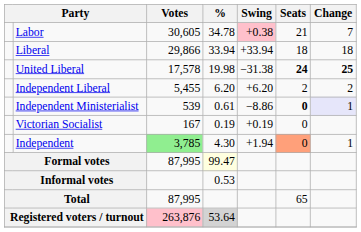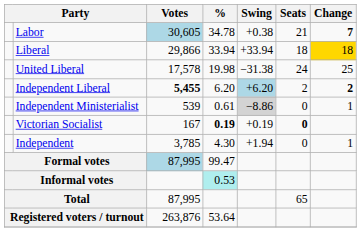 <table class="wikitable" style="text-align:right; margin-bottom:0">
 <tr>
 <th style="width:10px;" colspan=3>Party</th>
 <th style="width:70px;">Votes</th>
 <th style="width:40px;">%</th>
 <th style="width:40px;">Swing</th>
 <th style="width:40px;">Seats</th>
 <th style="width:40px;">Change</th>
 </tr>
 <tr>
 <td> </td>
 <td style="text-align:left;" colspan="2"><a href='#'>Labor</a></td>
-<td style="width:70px;">30,605</td>
+<td style="background: lightblue; width:70px;">30,605</td>
 <td style="width:40px;">34.78</td>
-<td style="background: pink; width:45px;">+0.38</td>
+<td style="width:45px;">+0.38</td>
 <td style="width:40px;">21</td>
-<td style="width:55px;"> 7</td>
+<td style="width:55px;"><strong> 7</strong></td>
 </tr>
 <tr>
 <td> </td>
 <td style="text-align:left;" colspan="2"><a href='#'>Liberal</a></td>
 <td style="width:70px;">29,866</td>
 <td style="width:40px;">33.94</td>
 <td style="width:45px;">+33.94</td>
 <td style="width:40px;">18</td>
-<td style="width:55px;"> 18</td>
+<td style="background: gold; width:55px;"> 18</td>
 </tr>
 <tr>
 <td> </td>
 <td style="text-align:left;" colspan="2"><a href='#'>United Liberal</a></td>
 <td style="width:70px;">17,578</td>
 <td style="width:40px;">19.98</td>
 <td style="width:45px;">−31.38</td>
-<td style="width:40px;"><strong>24</strong></td>
-<td style="width:55px;"><strong> 25</strong></td>
+<td style="width:40px;">24</td>
+<td style="width:55px;"> 25</td>
 </tr>
 <tr>
 <td> </td>
 <td style="text-align:left;" colspan="2"><a href='#'>Independent Liberal</a></td>
-<td style="width:70px;">5,455</td>
+<td style="width:70px;"><strong>5,455</strong></td>
 <td style="width:40px;">6.20</td>
-<td style="width:45px;">+6.20</td>
+<td style="background: lightblue; width:45px;">+6.20</td>
 <td style="width:40px;">2</td>
-<td style="width:55px;"> 2</td>
+<td style="width:55px;"><strong> 2</strong></td>
 </tr>
 <tr>
 <td> </td>
 <td style="text-align:left;" colspan="2"><a href='#'>Independent Ministerialist</a></td>
 <td>539</td>
 <td>0.61</td>
-<td>−8.86</td>
-<td><strong>0</strong></td>
-<td style="background: lavender;"> 1</td>
+<td style="background: lightgrey;">−8.86</td>
+<td>0</td>
+<td> 1</td>
 </tr>
 <tr>
 <td> </td>
 <td style="text-align:left;" colspan="2"><a href='#'>Victorian Socialist</a></td>
 <td>167</td>
-<td>0.19</td>
+<td><strong>0.19</strong></td>
 <td>+0.19</td>
-<td>0</td>
+<td><strong>0</strong></td>
 <td></td>
 </tr>
 <tr>
 <td> </td>
 <td style="text-align:left;" colspan="2"><a href='#'>Independent</a></td>
-<td style="background: lightgreen; width:70px;">3,785</td>
+<td style="width:70px;">3,785</td>
 <td style="width:40px;">4.30</td>
 <td style="width:45px;">+1.94</td>
-<td style="background: lightsalmon; width:40px;">0</td>
+<td style="width:40px;">0</td>
 <td style="width:55px;"> 1</td>
 </tr>
 <tr>
 <th colspan="3"> Formal votes</th>
-<td>87,995</td>
-<td style="background: lightyellow;">99.47</td>
+<td style="background: lightblue;">87,995</td>
+<td>99.47</td>
 <td></td>
 <td></td>
 <td></td>
 </tr>
 <tr>
 <th colspan="3"> Informal votes</th>
 <td></td>
-<td>0.53</td>
+<td style="background: paleturquoise;">0.53</td>
 <td></td>
 <td></td>
 <td></td>
 </tr>
 <tr>
 <th colspan="3"> Total</th>
 <td>87,995</td>
 <td></td>
 <td></td>
 <td>65</td>
 <td></td>
 </tr>
 <tr>
 <th colspan="3"> Registered voters / turnout</th>
-<td style="background: pink;">263,876</td>
-<td style="background: lightgrey;">53.64</td>
+<td>263,876</td>
+<td>53.64</td>
 <td></td>
 <td></td>
 <td></td>
 </tr>
 <tr>
 </tr>
 </table>
